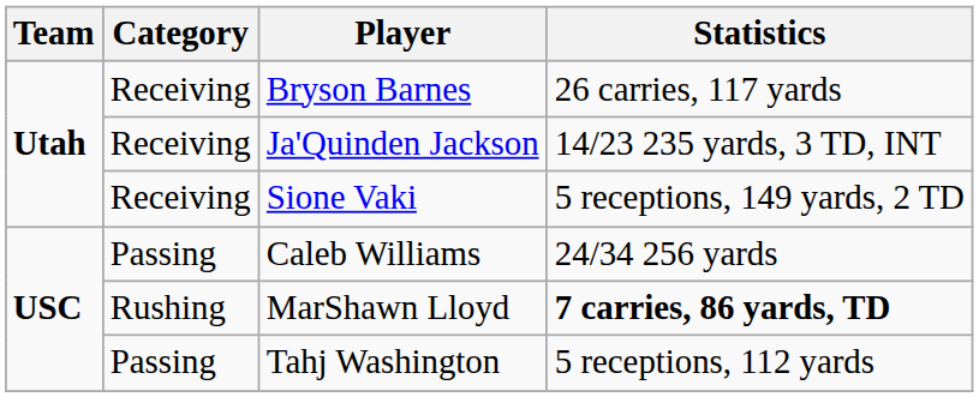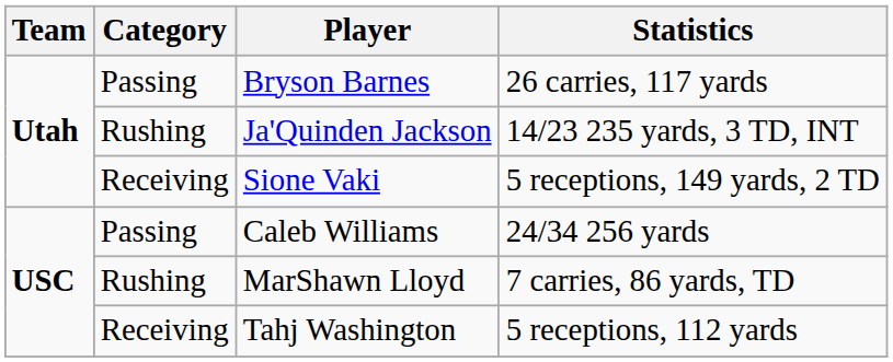 <table class="wikitable" style="float: right;">
 <tr>
 <th>Team</th>
 <th>Category</th>
 <th>Player</th>
 <th>Statistics</th>
 </tr>
 <tr>
 <td rowspan=3><strong>Utah</strong></td>
-<td>Receiving</td>
+<td>Passing</td>
 <td><a href='#'>Bryson Barnes</a></td>
 <td>26 carries, 117 yards</td>
 </tr>
 <tr>
-<td>Receiving</td>
+<td>Rushing</td>
 <td><a href='#'>Ja'Quinden Jackson</a></td>
 <td>14/23 235 yards, 3 TD, INT</td>
 </tr>
 <tr>
 <td>Receiving</td>
 <td><a href='#'>Sione Vaki</a></td>
 <td>5 receptions, 149 yards, 2 TD</td>
 </tr>
 <tr>
 <td rowspan=3><strong>USC</strong></td>
 <td>Passing</td>
 <td>Caleb Williams</td>
 <td>24/34 256 yards</td>
 </tr>
 <tr>
 <td>Rushing</td>
 <td>MarShawn Lloyd</td>
-<td><strong>7 carries, 86 yards, TD</strong></td>
+<td>7 carries, 86 yards, TD</td>
 </tr>
 <tr>
-<td>Passing</td>
+<td>Receiving</td>
 <td>Tahj Washington</td>
 <td>5 receptions, 112 yards</td>
 </tr>
 </table>
